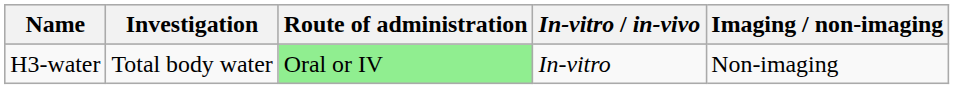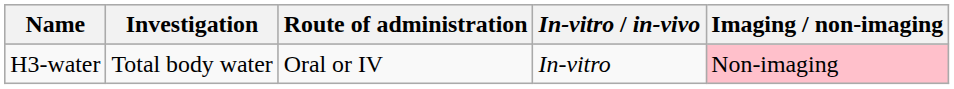 <table class="wikitable" style="font-size:95%">
 <tr>
 <th>Name</th>
 <th>Investigation</th>
 <th>Route of administration</th>
 <th><em>In-vitro</em> / <em>in-vivo</em></th>
 <th>Imaging / non-imaging</th>
 </tr>
 <tr>
 <td>H3-water</td>
 <td>Total body water</td>
-<td style="background: lightgreen;">Oral or IV</td>
+<td>Oral or IV</td>
 <td><em>In-vitro</em></td>
-<td>Non-imaging</td>
+<td style="background: pink;">Non-imaging</td>
 </tr>
 </table>
